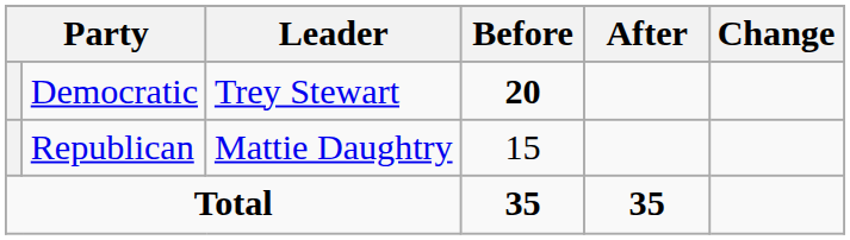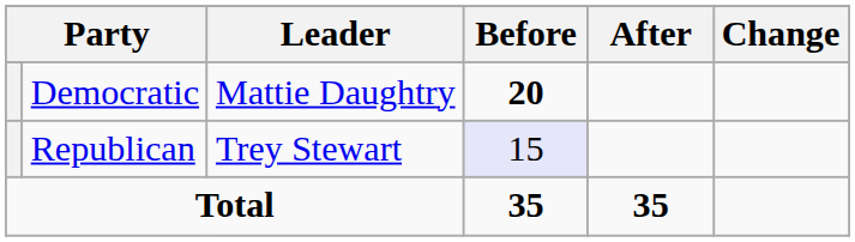 <table class="wikitable" style="text-align:center;">
 <tr>
 </tr>
 <tr>
 <th colspan="2">Party</th>
 <th>Leader</th>
 <th style="width:3em">Before</th>
 <th style="width:3em">After</th>
 <th style="width:3em">Change</th>
 </tr>
 <tr>
 <th style="background-color:"></th>
 <td style="text-align:left;"><a href='#'>Democratic</a></td>
-<td style="text-align:left;"><a href='#'>Trey Stewart</a></td>
+<td style="text-align:left;"><a href='#'>Mattie Daughtry</a></td>
 <td><strong>20</strong></td>
 <td></td>
 <td></td>
 </tr>
 <tr>
 <th style="background-color:"></th>
 <td style="text-align:left;"><a href='#'>Republican</a></td>
-<td style="text-align:left;"><a href='#'>Mattie Daughtry</a></td>
-<td>15</td>
+<td style="text-align:left;"><a href='#'>Trey Stewart</a></td>
+<td style="background: lavender;">15</td>
 <td></td>
 <td></td>
 </tr>
 <tr>
 <td colspan="3"><strong>Total</strong></td>
 <td><strong>35</strong></td>
 <td><strong>35</strong></td>
 <td></td>
 </tr>
 </table>
